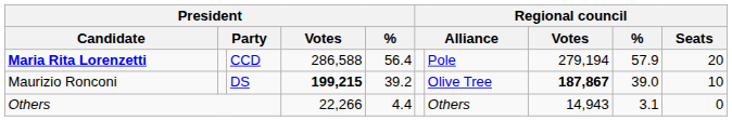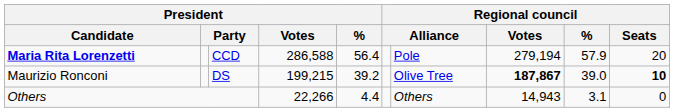 <table class="wikitable" style="text-align:right; style="width=65%">
 <tr>
 <th colspan="5">President</th>
 <th colspan="7">Regional council</th>
 </tr>
 <tr>
 <th>Candidate</th>
 <th colspan="2">Party</th>
 <th>Votes</th>
 <th>%</th>
 <th colspan="2">Alliance</th>
 <th>Votes</th>
 <th>%</th>
 <th>Seats</th>
 </tr>
 <tr>
 <td style="text-align:left"><strong><a href='#'>Maria Rita Lorenzetti</a></strong></td>
 <td></td>
 <td style="text-align:left"><a href='#'>CCD</a></td>
 <td>286,588</td>
 <td>56.4</td>
 <td></td>
 <td style="text-align:left"><a href='#'>Pole</a></td>
 <td>279,194</td>
 <td>57.9</td>
 <td>20</td>
 </tr>
 <tr>
 <td style="text-align:left">Maurizio Ronconi</td>
 <td></td>
 <td style="text-align:left"><a href='#'>DS</a></td>
-<td><strong>199,215</strong></td>
+<td>199,215</td>
 <td>39.2</td>
 <td></td>
 <td style="text-align:left"><a href='#'>Olive Tree</a></td>
 <td><strong>187,867</strong></td>
 <td>39.0</td>
-<td>10</td>
+<td><strong>10</strong></td>
 </tr>
 <tr>
 <td colspan="3" style="text-align:left"><em>Others</em></td>
 <td>22,266</td>
 <td>4.4</td>
 <td></td>
 <td style="text-align:left"><em>Others</em></td>
 <td>14,943</td>
 <td>3.1</td>
 <td>0</td>
 </tr>
 </table>
